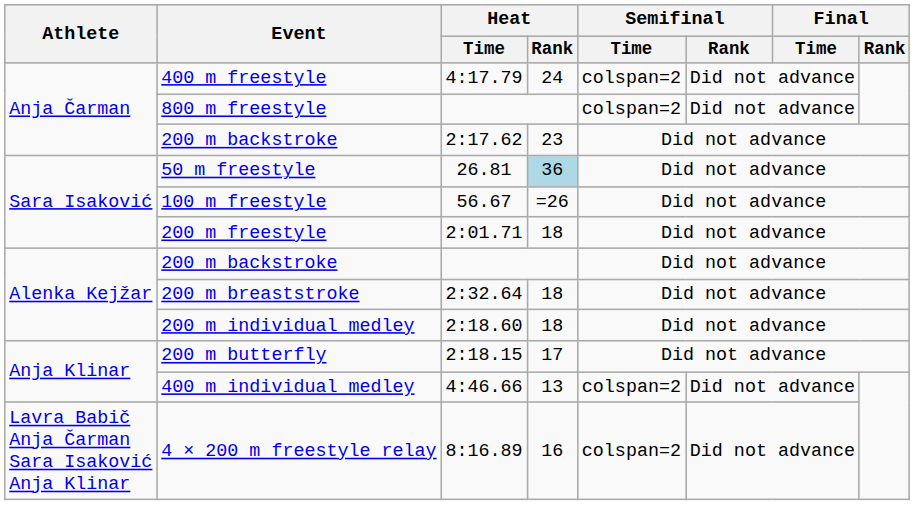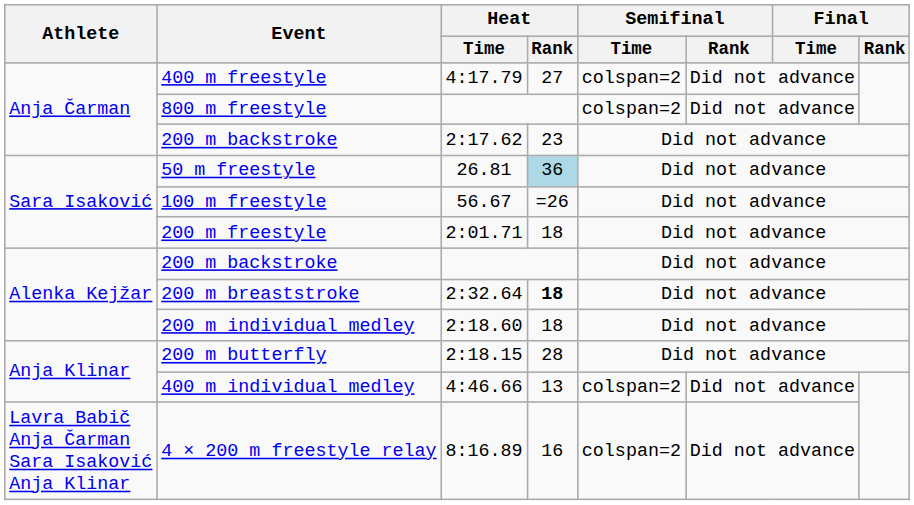 <table class=wikitable style="font-size:90%">
 <tr>
 <th rowspan="2">Athlete</th>
 <th rowspan="2">Event</th>
 <th colspan="2">Heat</th>
 <th colspan="2">Semifinal</th>
 <th colspan="2">Final</th>
 </tr>
 <tr style="font-size:95%">
 <th>Time</th>
 <th>Rank</th>
 <th>Time</th>
 <th>Rank</th>
 <th>Time</th>
 <th>Rank</th>
 </tr>
 <tr align=center>
 <td align=left rowspan=3><a href='#'>Anja Čarman</a></td>
 <td align=left><a href='#'>400 m freestyle</a></td>
 <td>4:17.79</td>
-<td>24</td>
+<td>27</td>
 <td>colspan=2 </td>
 <td colspan=2>Did not advance</td>
 </tr>
 <tr align=center>
 <td align=left><a href='#'>800 m freestyle</a></td>
 <td colspan=2></td>
 <td>colspan=2 </td>
 <td colspan=2>Did not advance</td>
 </tr>
 <tr align=center>
 <td align=left><a href='#'>200 m backstroke</a></td>
 <td>2:17.62</td>
 <td>23</td>
 <td colspan=4>Did not advance</td>
 </tr>
 <tr align=center>
 <td align=left rowspan=3><a href='#'>Sara Isaković</a></td>
 <td align=left><a href='#'>50 m freestyle</a></td>
 <td>26.81</td>
 <td style="background: lightblue;">36</td>
 <td colspan=4>Did not advance</td>
 </tr>
 <tr align=center>
 <td align=left><a href='#'>100 m freestyle</a></td>
 <td>56.67</td>
 <td>=26</td>
 <td colspan=4>Did not advance</td>
 </tr>
 <tr align=center>
 <td align=left><a href='#'>200 m freestyle</a></td>
 <td>2:01.71</td>
 <td>18</td>
 <td colspan=4>Did not advance</td>
 </tr>
 <tr align=center>
 <td align=left rowspan=3><a href='#'>Alenka Kejžar</a></td>
 <td align=left><a href='#'>200 m backstroke</a></td>
 <td colspan=2></td>
 <td colspan=4>Did not advance</td>
 </tr>
 <tr align=center>
 <td align=left><a href='#'>200 m breaststroke</a></td>
 <td>2:32.64</td>
-<td>18</td>
+<td><strong>18</strong></td>
 <td colspan=4>Did not advance</td>
 </tr>
 <tr align=center>
 <td align=left><a href='#'>200 m individual medley</a></td>
 <td>2:18.60</td>
 <td>18</td>
 <td colspan=4>Did not advance</td>
 </tr>
 <tr align=center>
 <td align=left rowspan=2><a href='#'>Anja Klinar</a></td>
 <td align=left><a href='#'>200 m butterfly</a></td>
 <td>2:18.15</td>
-<td>17</td>
+<td>28</td>
 <td colspan=4>Did not advance</td>
 </tr>
 <tr align=center>
 <td align=left><a href='#'>400 m individual medley</a></td>
 <td>4:46.66</td>
 <td>13</td>
 <td>colspan=2 </td>
 <td colspan=2>Did not advance</td>
 </tr>
 <tr align=center>
 <td align=left><a href='#'>Lavra Babič</a><br><a href='#'>Anja Čarman</a><br><a href='#'>Sara Isaković</a><br><a href='#'>Anja Klinar</a></td>
 <td align=left><a href='#'>4 × 200 m freestyle relay</a></td>
 <td>8:16.89</td>
 <td>16</td>
 <td>colspan=2 </td>
 <td colspan=2>Did not advance</td>
 </tr>
 </table>
